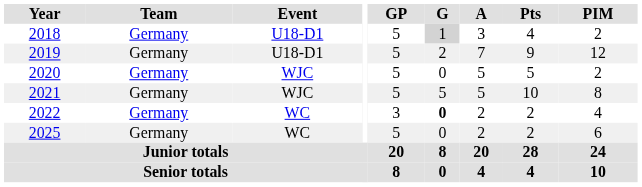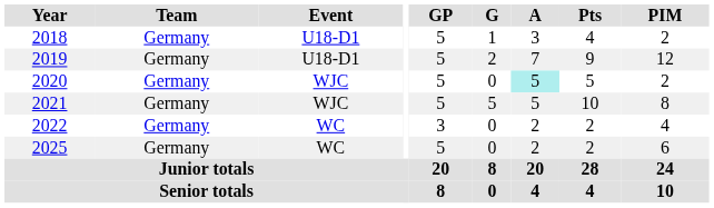 <table border="0" cellpadding="1" cellspacing="0" ID="Table3" style="text-align:center; width:40em">
 <tr bgcolor="#e0e0e0">
 <th>Year</th>
 <th>Team</th>
 <th>Event</th>
 <th rowspan="102" bgcolor="#ffffff"></th>
 <th>GP</th>
 <th>G</th>
 <th>A</th>
 <th>Pts</th>
 <th>PIM</th>
 </tr>
 <tr>
 <td><a href='#'>2018</a></td>
 <td><a href='#'>Germany</a></td>
 <td><a href='#'>U18-D1</a></td>
 <td>5</td>
-<td style="background: lightgrey;">1</td>
+<td>1</td>
 <td>3</td>
 <td>4</td>
 <td>2</td>
 </tr>
 <tr bgcolor="#f0f0f0">
 <td><a href='#'>2019</a></td>
 <td>Germany</td>
 <td>U18-D1</td>
 <td>5</td>
 <td>2</td>
 <td>7</td>
 <td>9</td>
 <td>12</td>
 </tr>
 <tr>
 <td><a href='#'>2020</a></td>
 <td><a href='#'>Germany</a></td>
 <td><a href='#'>WJC</a></td>
 <td>5</td>
 <td>0</td>
-<td>5</td>
+<td style="background: paleturquoise;">5</td>
 <td>5</td>
 <td>2</td>
 </tr>
 <tr bgcolor="#f0f0f0">
 <td><a href='#'>2021</a></td>
 <td>Germany</td>
 <td>WJC</td>
 <td>5</td>
 <td>5</td>
 <td>5</td>
 <td>10</td>
 <td>8</td>
 </tr>
 <tr>
 <td><a href='#'>2022</a></td>
 <td><a href='#'>Germany</a></td>
 <td><a href='#'>WC</a></td>
 <td>3</td>
-<td><strong>0</strong></td>
+<td>0</td>
 <td>2</td>
 <td>2</td>
 <td>4</td>
 </tr>
 <tr bgcolor="#f0f0f0">
 <td><a href='#'>2025</a></td>
 <td>Germany</td>
 <td>WC</td>
 <td>5</td>
 <td>0</td>
 <td>2</td>
 <td>2</td>
 <td>6</td>
 </tr>
 <tr bgcolor="#e0e0e0">
 <th colspan="4">Junior totals</th>
 <th>20</th>
 <th>8</th>
 <th>20</th>
 <th>28</th>
 <th>24</th>
 </tr>
 <tr bgcolor="#e0e0e0">
 <th colspan="4">Senior totals</th>
 <th>8</th>
 <th>0</th>
 <th>4</th>
 <th>4</th>
 <th>10</th>
 </tr>
 </table>
